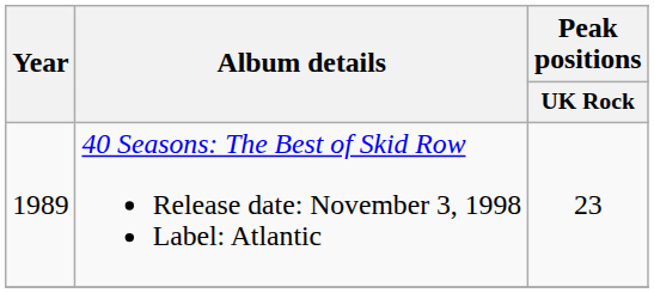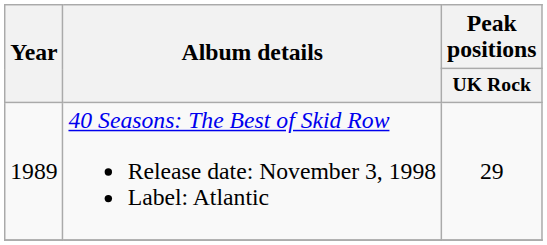 <table class="wikitable" style="text-align:center;">
 <tr>
 <th rowspan="2">Year</th>
 <th rowspan="2">Album details</th>
 <th colspan="1”">Peak positions</th>
 </tr>
 <tr style="font-size:smaller;">
 <th width="45">UK Rock </th>
 </tr>
 <tr>
 <td>1989</td>
 <td align="left"><em><a href='#'>40 Seasons: The Best of Skid Row</a></em><br><ul><li>Release date: November 3, 1998</li><li>Label: Atlantic</li></ul></td>
-<td>23</td>
+<td>29</td>
 </tr>
 <tr>
 </tr>
 </table>
